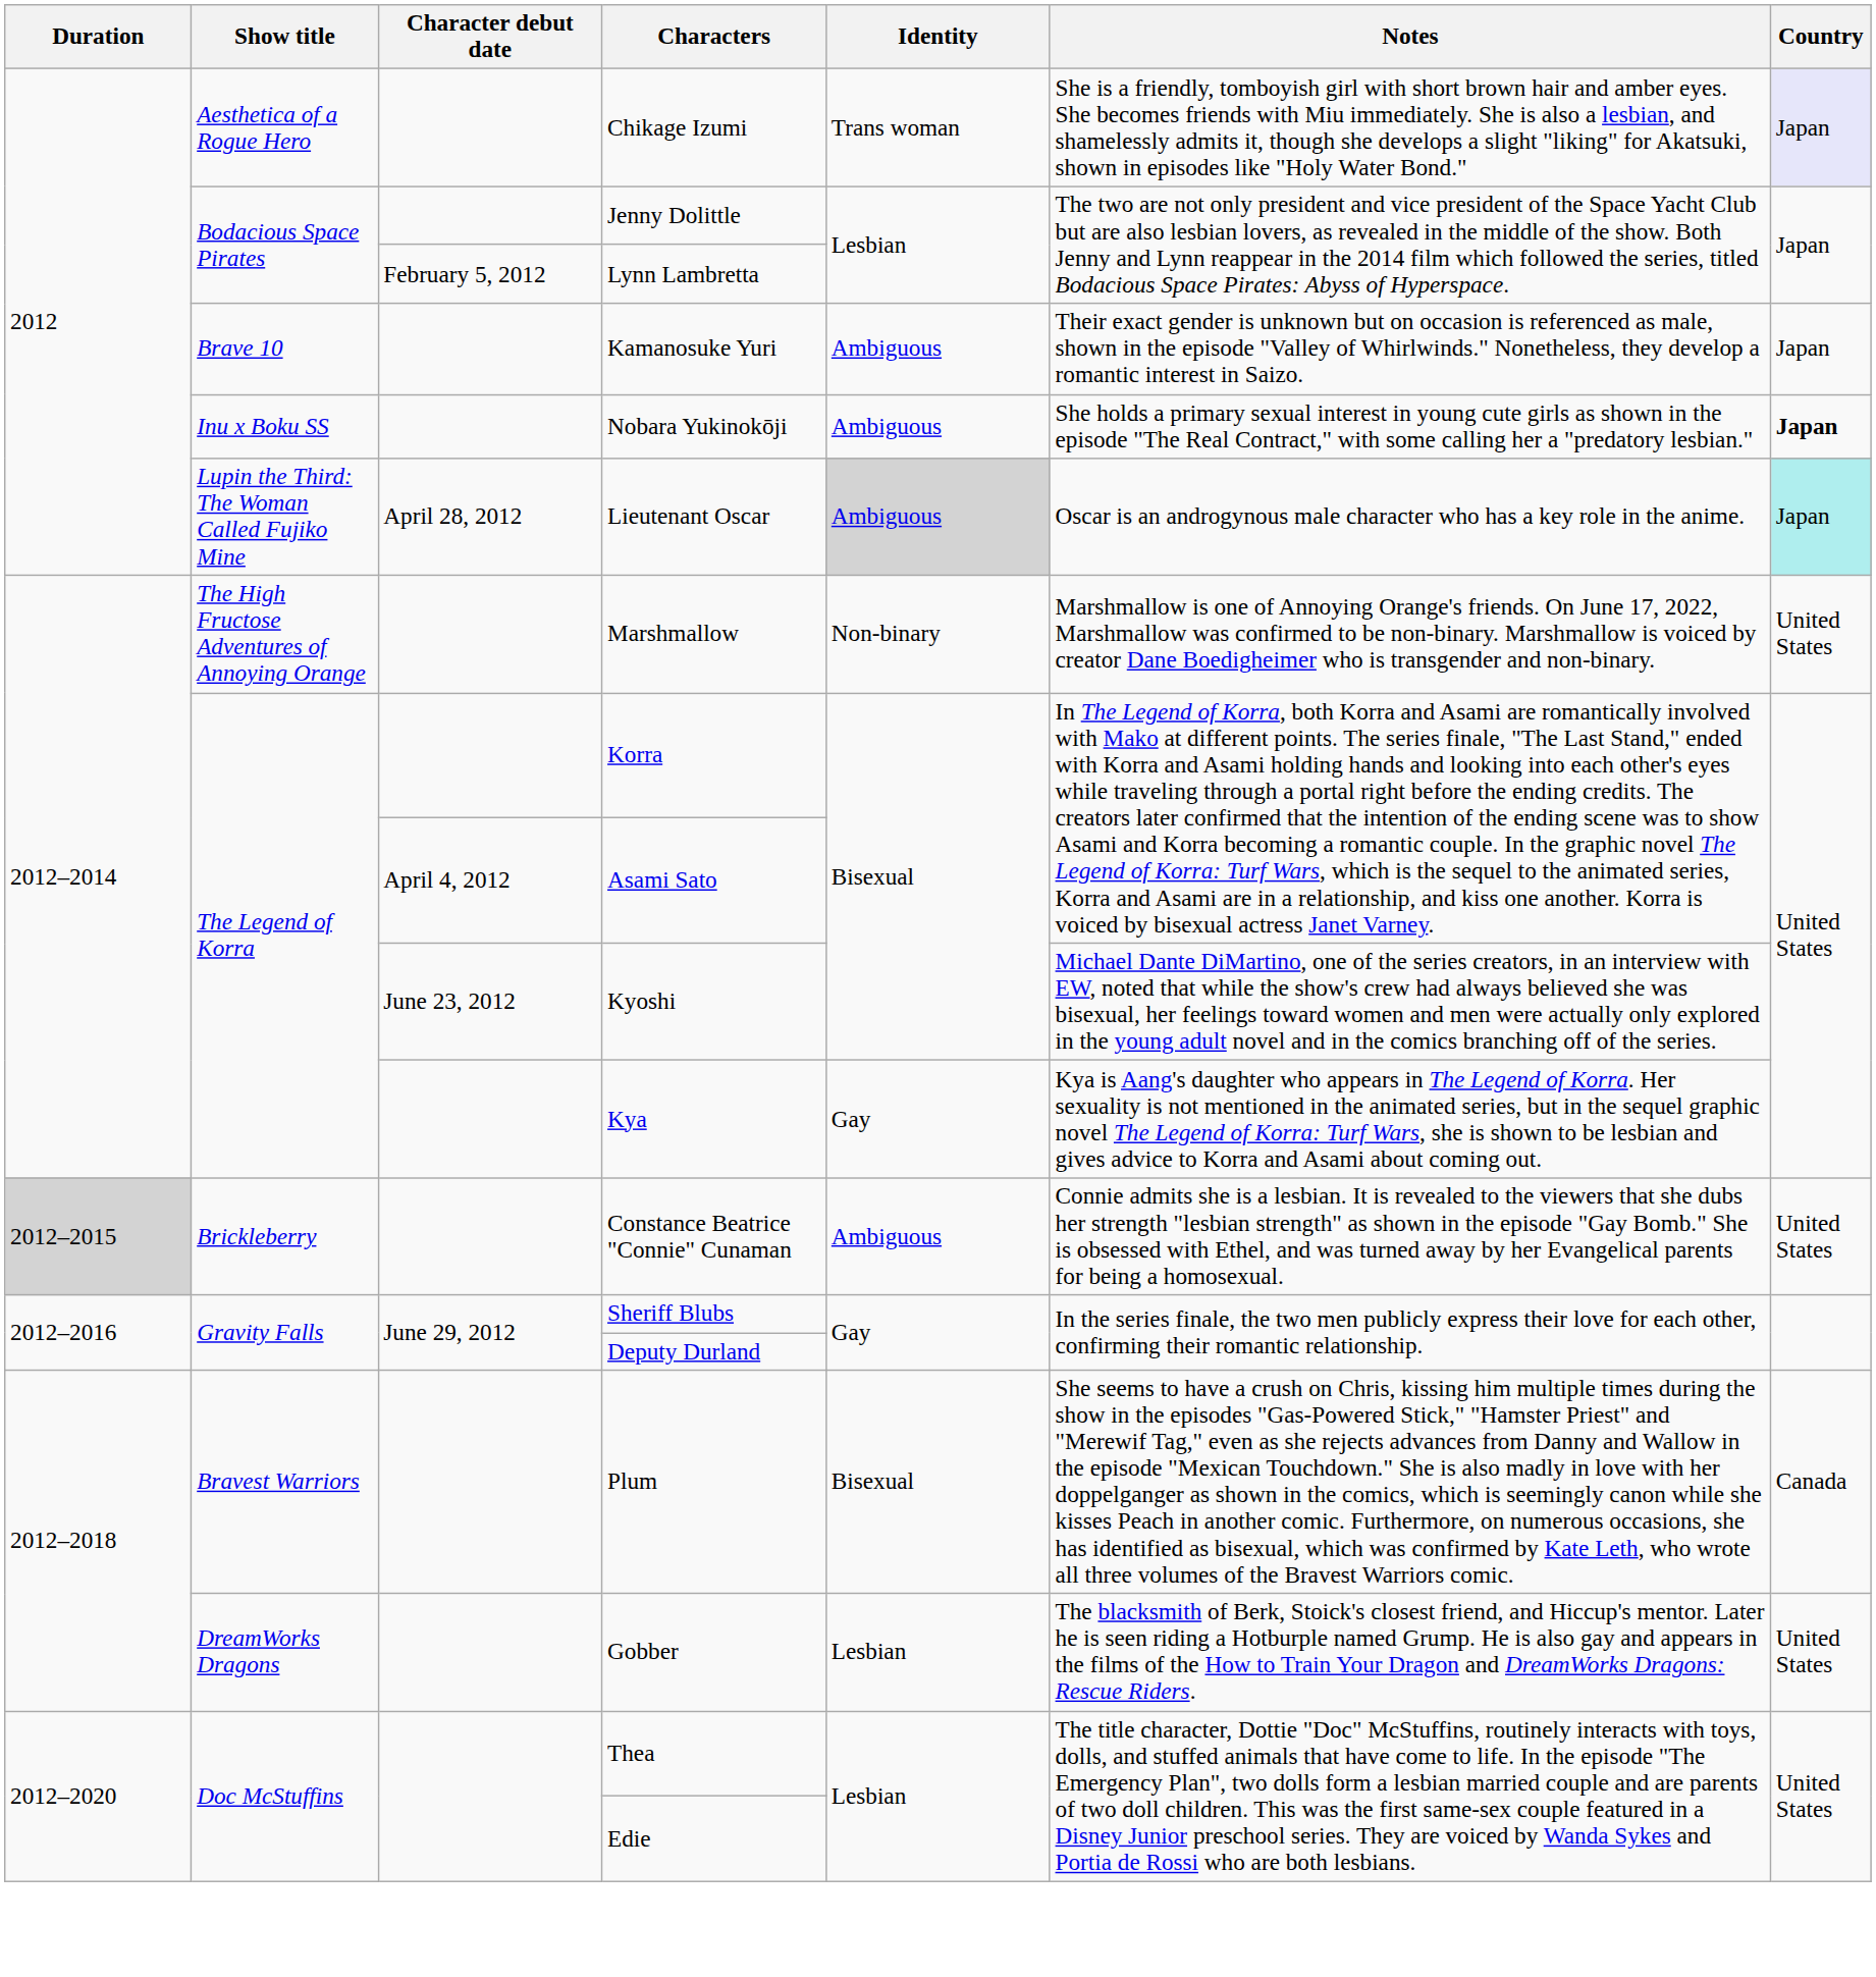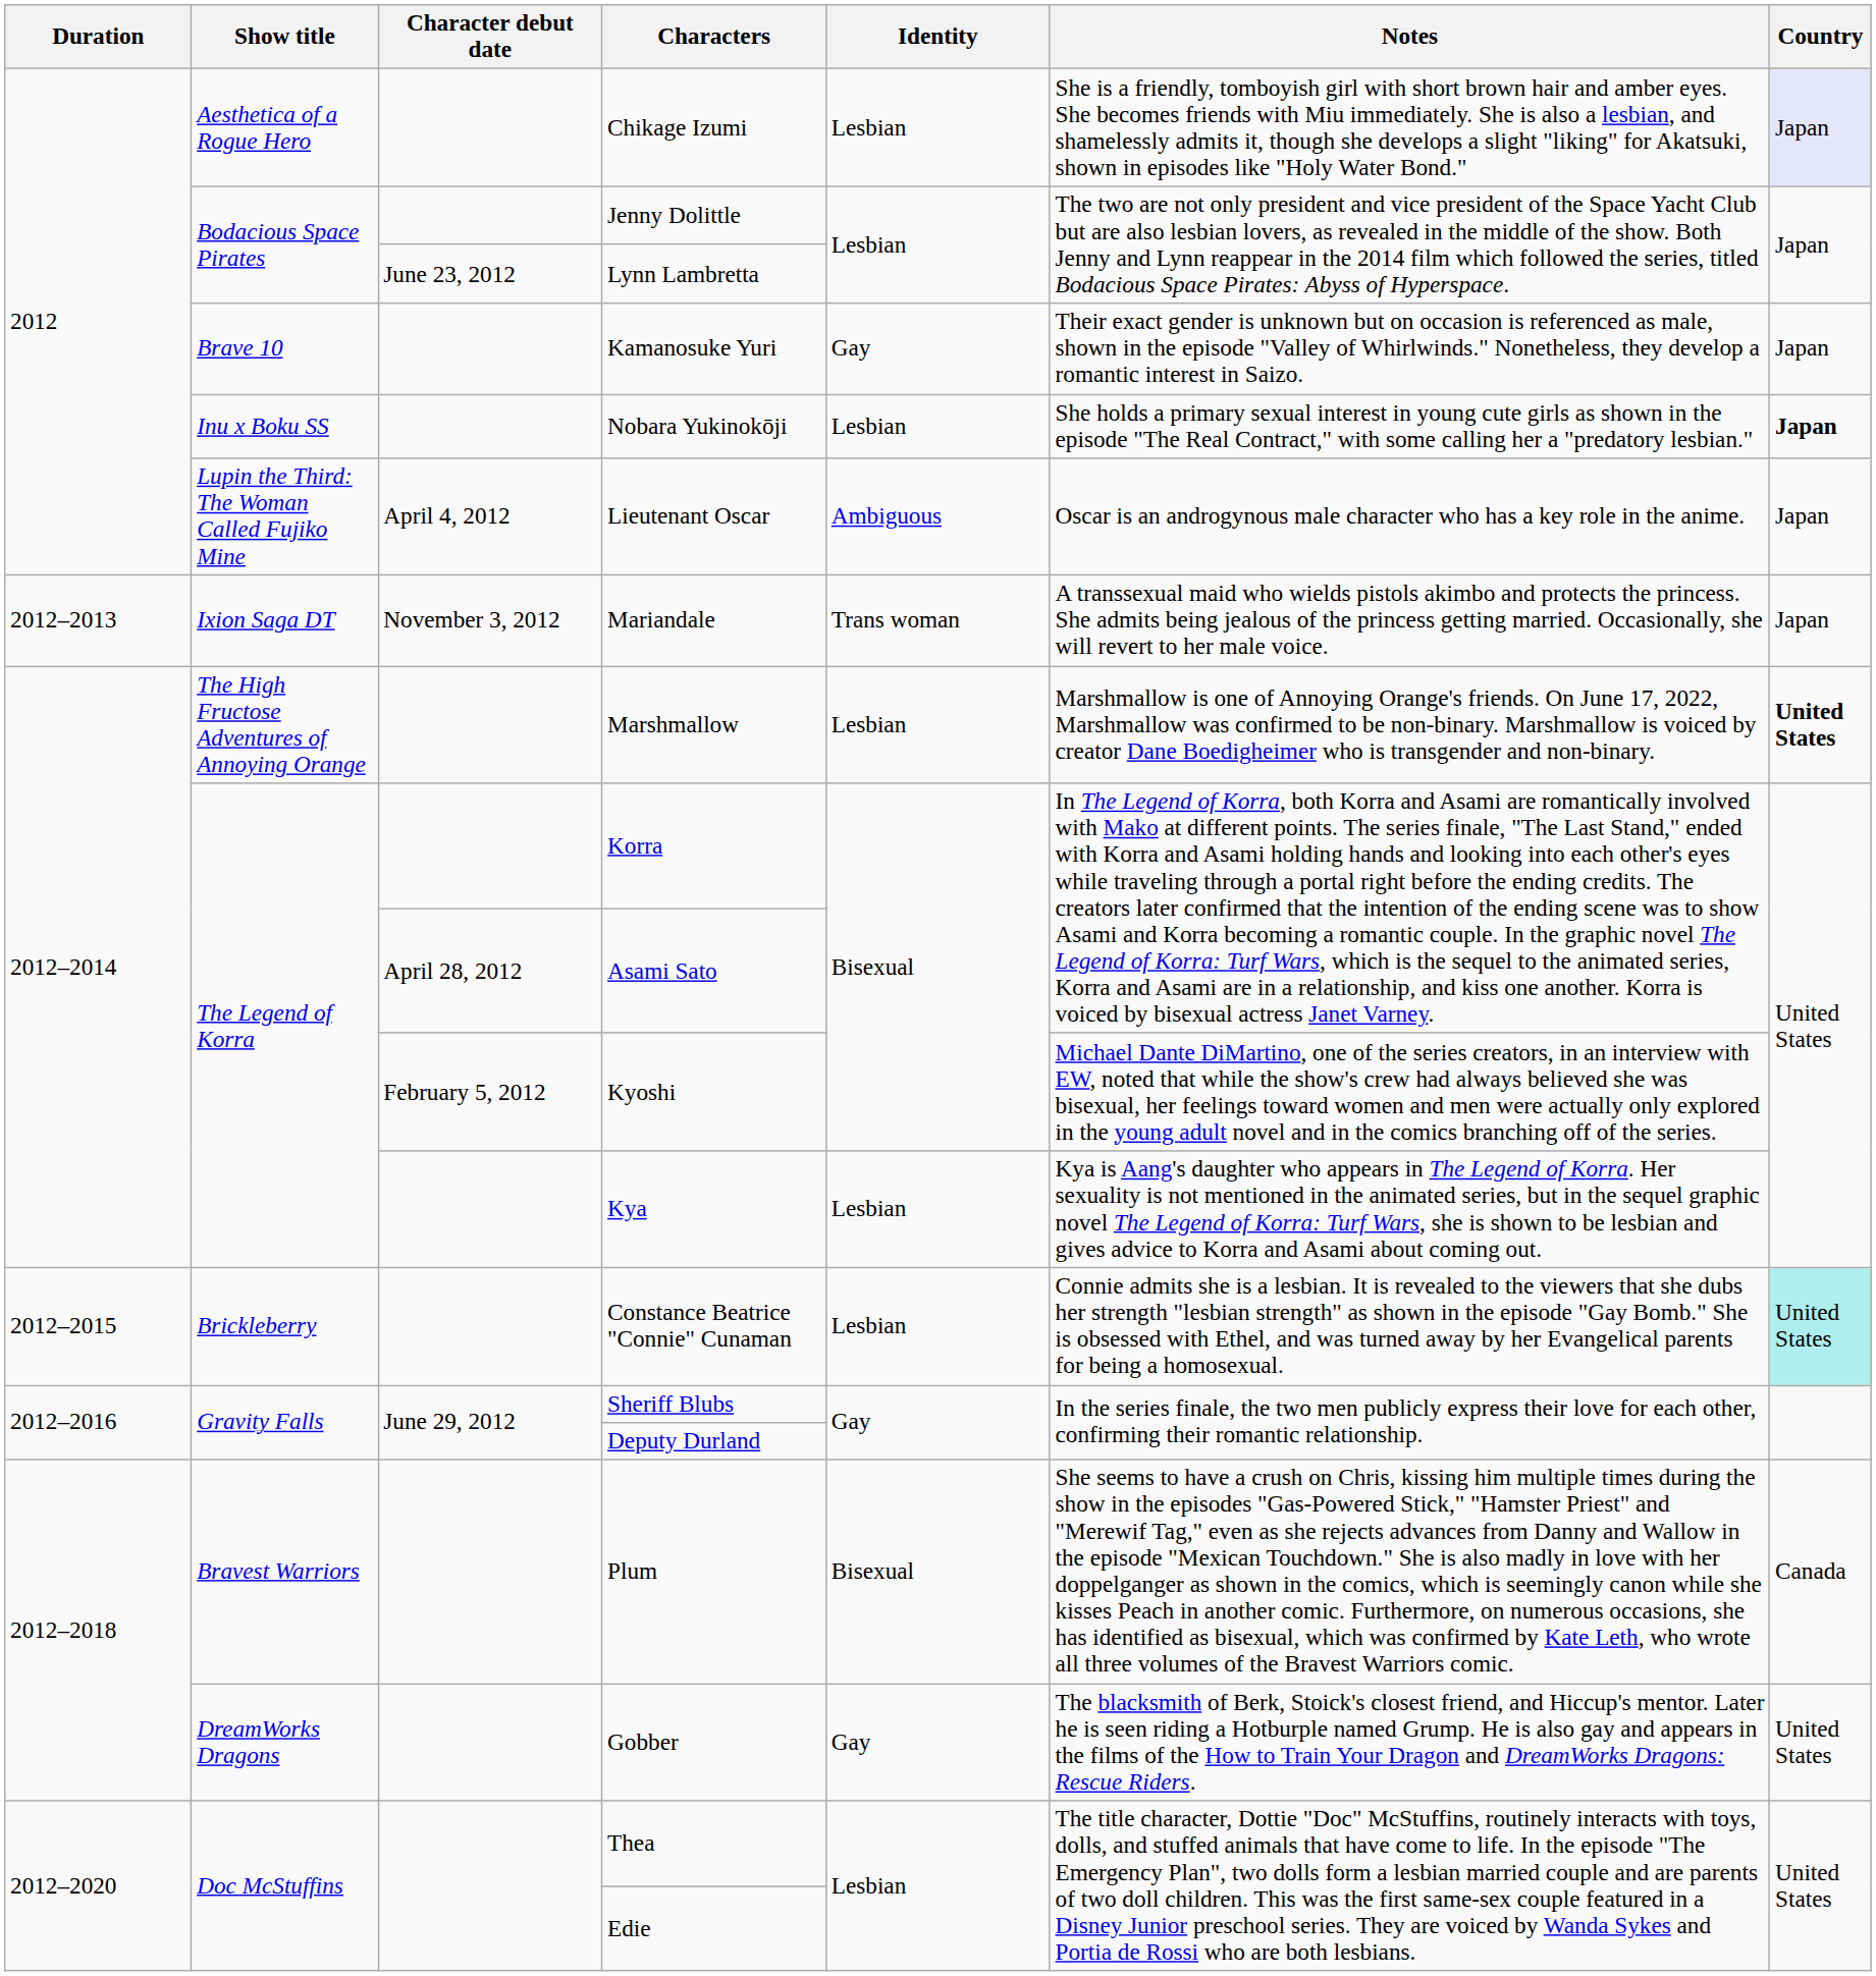 <table class="wikitable sortable" style="width: 100%">
 <tr>
 <th scope="col" style="width:10%;">Duration</th>
 <th scope="col" style="width:10%;">Show title</th>
 <th scope="col" style="width:12%;">Character debut date</th>
 <th scope="col" style="width:12%;">Characters</th>
 <th scope="col" style="width:12%;">Identity</th>
 <th>Notes</th>
 <th>Country</th>
 </tr>
 <tr>
 <td rowspan="6">2012</td>
 <td><em><a href='#'>Aesthetica of a Rogue Hero</a></em></td>
 <td></td>
 <td>Chikage Izumi</td>
-<td>Trans woman</td>
+<td>Lesbian</td>
 <td>She is a friendly, tomboyish girl with short brown hair and amber eyes. She becomes friends with Miu immediately. She is also a <a href='#'>lesbian</a>, and shamelessly admits it, though she develops a slight "liking" for Akatsuki, shown in episodes like "Holy Water Bond."</td>
 <td style="background: lavender;">Japan</td>
 </tr>
 <tr>
 <td rowspan="2"><em><a href='#'>Bodacious Space Pirates</a></em></td>
 <td></td>
 <td>Jenny Dolittle</td>
 <td rowspan="2">Lesbian</td>
 <td rowspan="2">The two are not only president and vice president of the Space Yacht Club but are also lesbian lovers, as revealed in the middle of the show. Both Jenny and Lynn reappear in the 2014 film which followed the series, titled <em>Bodacious Space Pirates: Abyss of Hyperspace</em>.</td>
 <td rowspan="2">Japan</td>
 </tr>
 <tr>
-<td>February 5, 2012</td>
+<td>June 23, 2012</td>
 <td>Lynn Lambretta</td>
 </tr>
 <tr>
 <td><em><a href='#'>Brave 10</a></em></td>
 <td></td>
 <td>Kamanosuke Yuri</td>
-<td><a href='#'>Ambiguous</a></td>
+<td>Gay</td>
 <td>Their exact gender is unknown but on occasion is referenced as male, shown in the episode "Valley of Whirlwinds." Nonetheless, they develop a romantic interest in Saizo.</td>
 <td>Japan</td>
 </tr>
 <tr>
 <td><em><a href='#'>Inu x Boku SS</a></em></td>
 <td></td>
 <td>Nobara Yukinokōji</td>
-<td><a href='#'>Ambiguous</a></td>
+<td>Lesbian</td>
 <td>She holds a primary sexual interest in young cute girls as shown in the episode "The Real Contract," with some calling her a "predatory lesbian."</td>
 <td><strong>Japan</strong></td>
 </tr>
 <tr>
 <td><em><a href='#'>Lupin the Third: The Woman Called Fujiko Mine</a></em></td>
-<td>April 28, 2012</td>
+<td>April 4, 2012</td>
 <td>Lieutenant Oscar</td>
-<td style="background: lightgrey;"><a href='#'>Ambiguous</a></td>
+<td><a href='#'>Ambiguous</a></td>
 <td>Oscar is an androgynous male character who has a key role in the anime.</td>
-<td style="background: paleturquoise;">Japan</td>
+<td>Japan</td>
+</tr>
+<tr>
+<td>2012–2013</td>
+<td><em><a href='#'>Ixion Saga DT</a></em></td>
+<td>November 3, 2012</td>
+<td>Mariandale</td>
+<td>Trans woman</td>
+<td>A transsexual maid who wields pistols akimbo and protects the princess. She admits being jealous of the princess getting married. Occasionally, she will revert to her male voice.</td>
+<td>Japan</td>
 </tr>
 <tr>
 <td rowspan="5">2012–2014</td>
 <td><em><a href='#'>The High Fructose Adventures of Annoying Orange</a></em></td>
 <td></td>
 <td>Marshmallow</td>
-<td>Non-binary</td>
+<td>Lesbian</td>
 <td>Marshmallow is one of Annoying Orange's friends. On June 17, 2022, Marshmallow was confirmed to be non-binary. Marshmallow is voiced by creator <a href='#'>Dane Boedigheimer</a> who is transgender and non-binary.</td>
-<td>United States</td>
+<td><strong>United States</strong></td>
 </tr>
 <tr>
 <td rowspan="4"><em><a href='#'>The Legend of Korra</a></em></td>
 <td></td>
 <td><a href='#'>Korra</a></td>
 <td rowspan="3">Bisexual</td>
 <td rowspan="2">In <em><a href='#'>The Legend of Korra</a></em>, both Korra and Asami are romantically involved with <a href='#'>Mako</a> at different points. The series finale, "The Last Stand," ended with Korra and Asami holding hands and looking into each other's eyes while traveling through a portal right before the ending credits. The creators later confirmed that the intention of the ending scene was to show Asami and Korra becoming a romantic couple. In the graphic novel <em><a href='#'>The Legend of Korra: Turf Wars</a></em>, which is the sequel to the animated series, Korra and Asami are in a relationship, and kiss one another. Korra is voiced by bisexual actress <a href='#'>Janet Varney</a>.</td>
 <td rowspan="4">United States</td>
 </tr>
 <tr>
-<td>April 4, 2012</td>
+<td>April 28, 2012</td>
 <td><a href='#'>Asami Sato</a></td>
 </tr>
 <tr>
-<td>June 23, 2012</td>
+<td>February 5, 2012</td>
 <td>Kyoshi</td>
 <td><a href='#'>Michael Dante DiMartino</a>, one of the series creators, in an interview with <a href='#'>EW</a>, noted that while the show's crew had always believed she was bisexual, her feelings toward women and men were actually only explored in the <a href='#'>young adult</a> novel and in the comics branching off of the series.</td>
 </tr>
 <tr>
 <td></td>
 <td><a href='#'>Kya</a></td>
-<td>Gay</td>
+<td>Lesbian</td>
 <td>Kya is <a href='#'>Aang</a>'s daughter who appears in <em><a href='#'>The Legend of Korra</a></em>. Her sexuality is not mentioned in the animated series, but in the sequel graphic novel <em><a href='#'>The Legend of Korra: Turf Wars</a></em>, she is shown to be lesbian and gives advice to Korra and Asami about coming out.</td>
 </tr>
 <tr>
-<td style="background: lightgrey;">2012–2015</td>
+<td>2012–2015</td>
 <td><em><a href='#'>Brickleberry</a></em></td>
 <td></td>
 <td>Constance Beatrice "Connie" Cunaman</td>
-<td><a href='#'>Ambiguous</a></td>
+<td>Lesbian</td>
 <td>Connie admits she is a lesbian. It is revealed to the viewers that she dubs her strength "lesbian strength" as shown in the episode "Gay Bomb." She is obsessed with Ethel, and was turned away by her Evangelical parents for being a homosexual.</td>
-<td>United States</td>
+<td style="background: paleturquoise;">United States</td>
 </tr>
 <tr>
 <td rowspan="2">2012–2016</td>
 <td rowspan="2"><em><a href='#'>Gravity Falls</a></em></td>
 <td rowspan="2">June 29, 2012</td>
 <td><a href='#'>Sheriff Blubs</a></td>
 <td rowspan="2">Gay</td>
 <td rowspan="2">In the series finale, the two men publicly express their love for each other, confirming their romantic relationship.</td>
 </tr>
 <tr>
 <td><a href='#'>Deputy Durland</a></td>
 </tr>
 <tr>
 <td rowspan="3'">2012–2018</td>
 <td rowspan="2"><em><a href='#'>Bravest Warriors</a></em></td>
 <td rowspan="2"></td>
 <td rowspan="2">Plum</td>
 <td rowspan="2">Bisexual</td>
 <td rowspan="2">She seems to have a crush on Chris, kissing him multiple times during the show in the episodes "Gas-Powered Stick," "Hamster Priest" and "Merewif Tag," even as she rejects advances from Danny and Wallow in the episode "Mexican Touchdown." She is also madly in love with her doppelganger as shown in the comics, which is seemingly canon while she kisses Peach in another comic. Furthermore, on numerous occasions, she has identified as bisexual, which was confirmed by <a href='#'>Kate Leth</a>, who wrote all three volumes of the Bravest Warriors comic.</td>
 </tr>
 <tr>
 <td>Canada</td>
 </tr>
 <tr>
 <td><em><a href='#'>DreamWorks Dragons</a></em></td>
 <td></td>
 <td>Gobber</td>
-<td>Lesbian</td>
+<td>Gay</td>
 <td>The <a href='#'>blacksmith</a> of Berk, Stoick's closest friend, and Hiccup's mentor. Later he is seen riding a Hotburple named Grump. He is also gay and appears in the films of the <a href='#'>How to Train Your Dragon</a> and <em><a href='#'>DreamWorks Dragons: Rescue Riders</a></em>.</td>
 <td>United States</td>
 </tr>
 <tr>
 <td rowspan="2">2012–2020</td>
 <td rowspan="2"><em><a href='#'>Doc McStuffins</a></em></td>
 <td rowspan="2"></td>
 <td>Thea</td>
 <td rowspan="2">Lesbian</td>
 <td rowspan="2">The title character, Dottie "Doc" McStuffins, routinely interacts with toys, dolls, and stuffed animals that have come to life. In the episode "The Emergency Plan", two dolls form a lesbian married couple and are parents of two doll children. This was the first same-sex couple featured in a <a href='#'>Disney Junior</a> preschool series. They are voiced by <a href='#'>Wanda Sykes</a> and <a href='#'>Portia de Rossi</a> who are both lesbians.</td>
 <td rowspan="2">United States</td>
 </tr>
 <tr>
 <td>Edie</td>
 </tr>
 </table>
